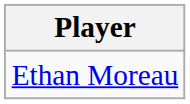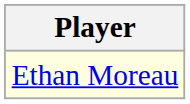 <table class="wikitable">
 <tr>
 <th>Player</th>
 </tr>
 <tr>
-<td><a href='#'>Ethan Moreau</a></td>
+<td style="background: lightyellow;"><a href='#'>Ethan Moreau</a></td>
 </tr>
 </table>
